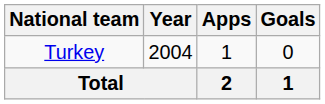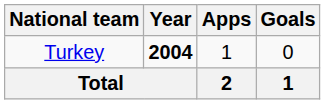 <table class="wikitable" style="text-align:center">
 <tr>
 <th>National team</th>
 <th>Year</th>
 <th>Apps</th>
 <th>Goals</th>
 </tr>
 <tr>
 <td rowspan="1"><a href='#'>Turkey</a></td>
-<td>2004</td>
+<td><strong>2004</strong></td>
 <td>1</td>
 <td>0</td>
 </tr>
 <tr>
 <th colspan="2">Total</th>
 <th>2</th>
 <th>1</th>
 </tr>
 </table>
